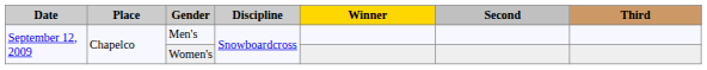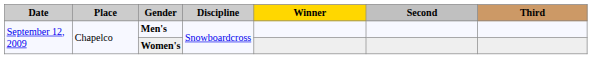 <table bgcolor="#f7f8ff" cellpadding="3" cellspacing="0" border="1" style="font-size: 95%; border: gray solid 1px; border-collapse: collapse;">
 <tr bgcolor="#CCCCCC">
 <td align="center" width="120"><strong>Date</strong></td>
 <td align="center" width="120"><strong>Place</strong></td>
 <td align="center" width="50"><strong>Gender</strong></td>
 <td align="center" width="50"><strong>Discipline</strong></td>
 <td align="center" bgcolor="gold" width="250"><strong>Winner</strong></td>
 <td align="center" bgcolor="silver" width="250"><strong>Second</strong></td>
 <td align="center" bgcolor="CC9966" width="250"><strong>Third</strong></td>
 </tr>
 <tr align="left">
 <td rowspan="2"><a href='#'>September 12, 2009</a></td>
 <td rowspan="2"> Chapelco</td>
-<td>Men's</td>
+<td><strong>Men's</strong></td>
 <td rowspan="2"><a href='#'>Snowboardcross</a></td>
 <td></td>
 <td></td>
 <td></td>
 </tr>
 <tr align="left"  bgcolor="#EFEFEF">
-<td>Women's</td>
+<td><strong>Women's</strong></td>
 <td></td>
 <td></td>
 <td></td>
 </tr>
 </table>
